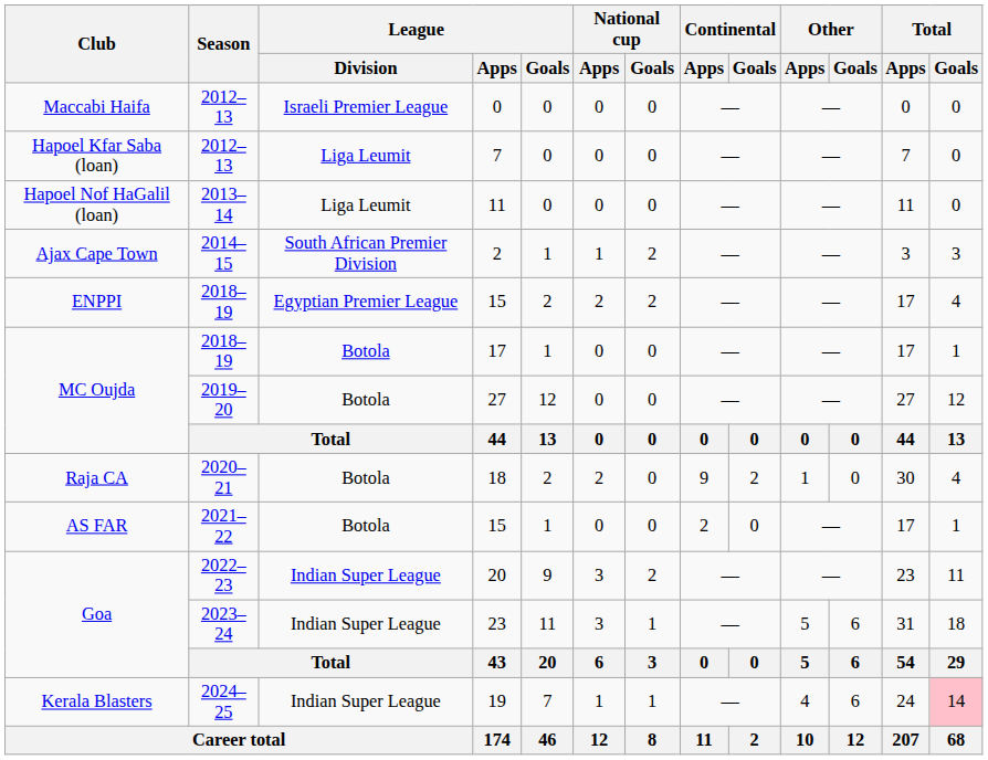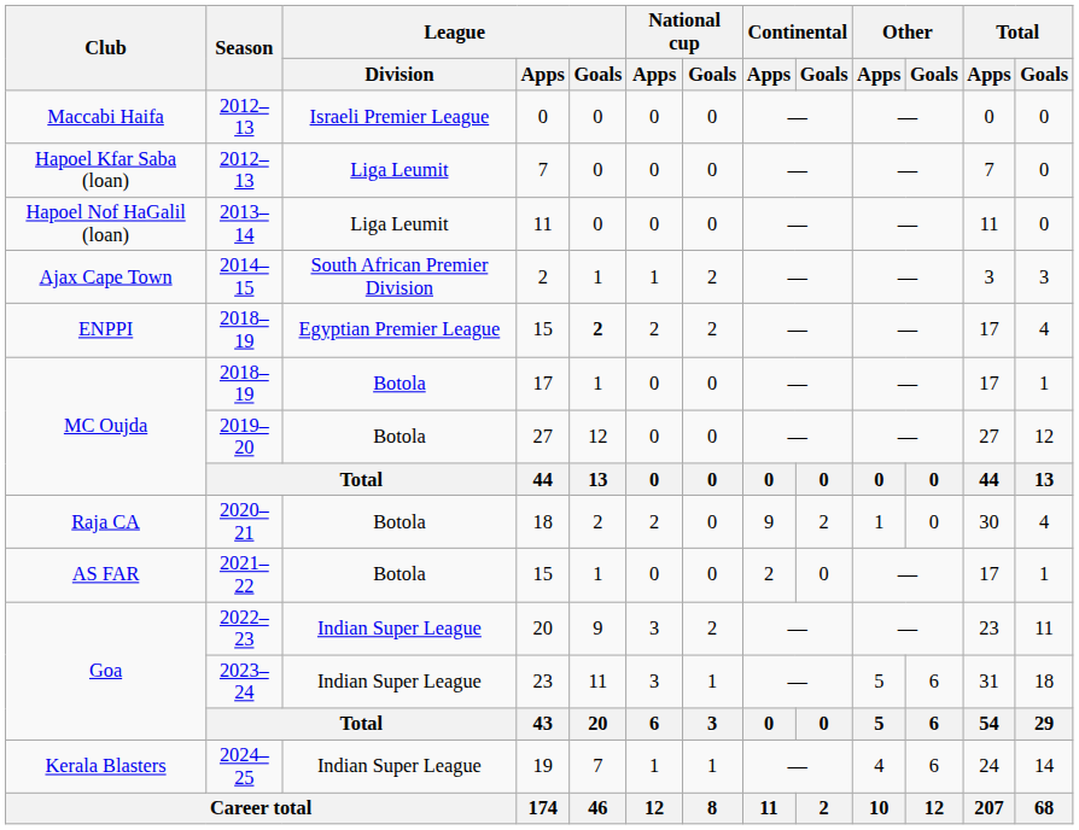 <table class="wikitable" style="text-align: center;">
 <tr>
 <th rowspan="2">Club</th>
 <th rowspan="2">Season</th>
 <th colspan="3">League</th>
 <th colspan="2">National cup</th>
 <th colspan="2">Continental</th>
 <th colspan="2">Other</th>
 <th colspan="2">Total</th>
 </tr>
 <tr>
 <th>Division</th>
 <th>Apps</th>
 <th>Goals</th>
 <th>Apps</th>
 <th>Goals</th>
 <th>Apps</th>
 <th>Goals</th>
 <th>Apps</th>
 <th>Goals</th>
 <th>Apps</th>
 <th>Goals</th>
 </tr>
 <tr>
 <td><a href='#'>Maccabi Haifa</a></td>
 <td><a href='#'>2012–13</a></td>
 <td><a href='#'>Israeli Premier League</a></td>
 <td>0</td>
 <td>0</td>
 <td>0</td>
 <td>0</td>
 <td colspan="2">—</td>
 <td colspan="2">—</td>
 <td>0</td>
 <td>0</td>
 </tr>
 <tr>
 <td><a href='#'>Hapoel Kfar Saba</a> (loan)</td>
 <td><a href='#'>2012–13</a></td>
 <td><a href='#'>Liga Leumit</a></td>
 <td>7</td>
 <td>0</td>
 <td>0</td>
 <td>0</td>
 <td colspan="2">—</td>
 <td colspan="2">—</td>
 <td>7</td>
 <td>0</td>
 </tr>
 <tr>
 <td><a href='#'>Hapoel Nof HaGalil</a> (loan)</td>
 <td><a href='#'>2013–14</a></td>
 <td>Liga Leumit</td>
 <td>11</td>
 <td>0</td>
 <td>0</td>
 <td>0</td>
 <td colspan="2">—</td>
 <td colspan="2">—</td>
 <td>11</td>
 <td>0</td>
 </tr>
 <tr>
 <td><a href='#'>Ajax Cape Town</a></td>
 <td><a href='#'>2014–15</a></td>
 <td><a href='#'>South African Premier Division</a></td>
 <td>2</td>
 <td>1</td>
 <td>1</td>
 <td>2</td>
 <td colspan="2">—</td>
 <td colspan="2">—</td>
 <td>3</td>
 <td>3</td>
 </tr>
 <tr>
 <td><a href='#'>ENPPI</a></td>
 <td><a href='#'>2018–19</a></td>
 <td><a href='#'>Egyptian Premier League</a></td>
 <td>15</td>
-<td>2</td>
+<td><strong>2</strong></td>
 <td>2</td>
 <td>2</td>
 <td colspan="2">—</td>
 <td colspan="2">—</td>
 <td>17</td>
 <td>4</td>
 </tr>
 <tr>
 <td rowspan="3"><a href='#'>MC Oujda</a></td>
 <td><a href='#'>2018–19</a></td>
 <td><a href='#'>Botola</a></td>
 <td>17</td>
 <td>1</td>
 <td>0</td>
 <td>0</td>
 <td colspan="2">—</td>
 <td colspan="2">—</td>
 <td>17</td>
 <td>1</td>
 </tr>
 <tr>
 <td><a href='#'>2019–20</a></td>
 <td>Botola</td>
 <td>27</td>
 <td>12</td>
 <td>0</td>
 <td>0</td>
 <td colspan="2">—</td>
 <td colspan="2">—</td>
 <td>27</td>
 <td>12</td>
 </tr>
 <tr>
 <th colspan="2">Total</th>
 <th>44</th>
 <th>13</th>
 <th>0</th>
 <th>0</th>
 <th>0</th>
 <th>0</th>
 <th>0</th>
 <th>0</th>
 <th>44</th>
 <th>13</th>
 </tr>
 <tr>
 <td><a href='#'>Raja CA</a></td>
 <td><a href='#'>2020–21</a></td>
 <td>Botola</td>
 <td>18</td>
 <td>2</td>
 <td>2</td>
 <td>0</td>
 <td>9</td>
 <td>2</td>
 <td>1</td>
 <td>0</td>
 <td>30</td>
 <td>4</td>
 </tr>
 <tr>
 <td><a href='#'>AS FAR</a></td>
 <td><a href='#'>2021–22</a></td>
 <td>Botola</td>
 <td>15</td>
 <td>1</td>
 <td>0</td>
 <td>0</td>
 <td>2</td>
 <td>0</td>
 <td colspan="2">—</td>
 <td>17</td>
 <td>1</td>
 </tr>
 <tr>
 <td rowspan="3"><a href='#'>Goa</a></td>
 <td><a href='#'>2022–23</a></td>
 <td><a href='#'>Indian Super League</a></td>
 <td>20</td>
 <td>9</td>
 <td>3</td>
 <td>2</td>
 <td colspan="2">—</td>
 <td colspan="2">—</td>
 <td>23</td>
 <td>11</td>
 </tr>
 <tr>
 <td><a href='#'>2023–24</a></td>
 <td>Indian Super League</td>
 <td>23</td>
 <td>11</td>
 <td>3</td>
 <td>1</td>
 <td colspan="2">—</td>
 <td>5</td>
 <td>6</td>
 <td>31</td>
 <td>18</td>
 </tr>
 <tr>
 <th colspan="2">Total</th>
 <th>43</th>
 <th>20</th>
 <th>6</th>
 <th>3</th>
 <th>0</th>
 <th>0</th>
 <th>5</th>
 <th>6</th>
 <th>54</th>
 <th>29</th>
 </tr>
 <tr>
 <td><a href='#'>Kerala Blasters</a></td>
 <td><a href='#'>2024–25</a></td>
 <td>Indian Super League</td>
 <td>19</td>
 <td>7</td>
 <td>1</td>
 <td>1</td>
 <td colspan="2">—</td>
 <td>4</td>
 <td>6</td>
 <td>24</td>
-<td style="background: pink;">14</td>
+<td>14</td>
 </tr>
 <tr>
 <th colspan="3">Career total</th>
 <th>174</th>
 <th>46</th>
 <th>12</th>
 <th>8</th>
 <th>11</th>
 <th>2</th>
 <th>10</th>
 <th>12</th>
 <th>207</th>
 <th>68</th>
 </tr>
 </table>
